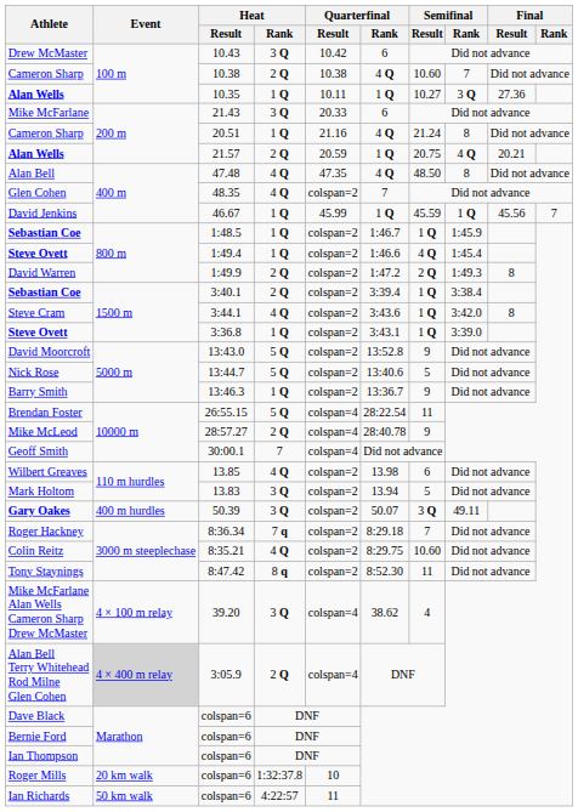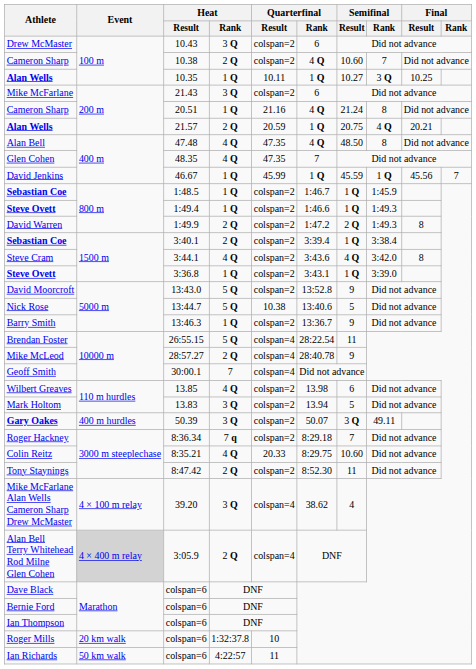 <table class=wikitable style="font-size:90%">
 <tr>
 <th rowspan="2">Athlete</th>
 <th rowspan="2">Event</th>
 <th colspan="2">Heat</th>
 <th colspan="2">Quarterfinal</th>
 <th colspan="2">Semifinal</th>
 <th colspan="2">Final</th>
 </tr>
 <tr style="font-size:95%">
 <th>Result</th>
 <th>Rank</th>
 <th>Result</th>
 <th>Rank</th>
 <th>Result</th>
 <th>Rank</th>
 <th>Result</th>
 <th>Rank</th>
 </tr>
 <tr align=center>
 <td align=left><a href='#'>Drew McMaster</a></td>
 <td align=left rowspan=3><a href='#'>100 m</a></td>
 <td>10.43</td>
 <td>3 <strong>Q</strong></td>
-<td>10.42</td>
+<td>colspan=2 </td>
 <td>6</td>
 <td colspan=4>Did not advance</td>
 </tr>
 <tr align=center>
 <td align=left><a href='#'>Cameron Sharp</a></td>
 <td>10.38</td>
 <td>2 <strong>Q</strong></td>
-<td>10.38</td>
+<td>colspan=2 </td>
 <td>4 <strong>Q</strong></td>
 <td>10.60</td>
 <td>7</td>
 <td colspan=2>Did not advance</td>
 </tr>
 <tr align=center>
 <td align=left><strong><a href='#'>Alan Wells</a></strong></td>
 <td>10.35</td>
 <td>1 <strong>Q</strong></td>
 <td>10.11</td>
 <td>1 <strong>Q</strong></td>
 <td>10.27</td>
 <td>3 <strong>Q</strong></td>
-<td>27.36</td>
+<td>10.25</td>
 <td></td>
 </tr>
 <tr align=center>
 <td align=left><a href='#'>Mike McFarlane</a></td>
 <td align=left rowspan=3><a href='#'>200 m</a></td>
 <td>21.43</td>
 <td>3 <strong>Q</strong></td>
-<td>20.33</td>
+<td>colspan=2 </td>
 <td>6</td>
 <td colspan=4>Did not advance</td>
 </tr>
 <tr align=center>
 <td align=left><a href='#'>Cameron Sharp</a></td>
 <td>20.51</td>
 <td>1 <strong>Q</strong></td>
 <td>21.16</td>
 <td>4 <strong>Q</strong></td>
 <td>21.24</td>
 <td>8</td>
 <td colspan=2>Did not advance</td>
 </tr>
 <tr align=center>
 <td align=left><strong><a href='#'>Alan Wells</a></strong></td>
 <td>21.57</td>
 <td>2 <strong>Q</strong></td>
 <td>20.59</td>
 <td>1 <strong>Q</strong></td>
 <td>20.75</td>
 <td>4 <strong>Q</strong></td>
 <td>20.21</td>
 <td></td>
 </tr>
 <tr align=center>
 <td align=left><a href='#'>Alan Bell</a></td>
 <td align=left rowspan=3><a href='#'>400 m</a></td>
 <td>47.48</td>
 <td>4 <strong>Q</strong></td>
 <td>47.35</td>
 <td>4 <strong>Q</strong></td>
 <td>48.50</td>
 <td>8</td>
 <td colspan=2>Did not advance</td>
 </tr>
 <tr align=center>
 <td align=left><a href='#'>Glen Cohen</a></td>
 <td>48.35</td>
 <td>4 <strong>Q</strong></td>
-<td>colspan=2 </td>
+<td>47.35</td>
 <td>7</td>
 <td colspan=4>Did not advance</td>
 </tr>
 <tr align=center>
 <td align=left><a href='#'>David Jenkins</a></td>
 <td>46.67</td>
 <td>1 <strong>Q</strong></td>
 <td>45.99</td>
 <td>1 <strong>Q</strong></td>
 <td>45.59</td>
 <td>1 <strong>Q</strong></td>
 <td>45.56</td>
 <td>7</td>
 </tr>
 <tr align=center>
 <td align=left><strong><a href='#'>Sebastian Coe</a></strong></td>
 <td align=left rowspan=3><a href='#'>800 m</a></td>
 <td>1:48.5</td>
 <td>1 <strong>Q</strong></td>
 <td>colspan=2 </td>
 <td>1:46.7</td>
 <td>1 <strong>Q</strong></td>
 <td>1:45.9</td>
 <td></td>
 </tr>
 <tr align=center>
 <td align=left><strong><a href='#'>Steve Ovett</a></strong></td>
 <td>1:49.4</td>
 <td>1 <strong>Q</strong></td>
 <td>colspan=2 </td>
 <td>1:46.6</td>
-<td>4 <strong>Q</strong></td>
-<td>1:45.4</td>
+<td>1 <strong>Q</strong></td>
+<td>1:49.3</td>
 <td></td>
 </tr>
 <tr align=center>
 <td align=left><a href='#'>David Warren</a></td>
 <td>1:49.9</td>
 <td>2 <strong>Q</strong></td>
 <td>colspan=2 </td>
 <td>1:47.2</td>
 <td>2 <strong>Q</strong></td>
 <td>1:49.3</td>
 <td>8</td>
 </tr>
 <tr align=center>
 <td align=left><strong><a href='#'>Sebastian Coe</a></strong></td>
 <td align=left rowspan=3><a href='#'>1500 m</a></td>
 <td>3:40.1</td>
 <td>2 <strong>Q</strong></td>
 <td>colspan=2 </td>
 <td>3:39.4</td>
 <td>1 <strong>Q</strong></td>
 <td>3:38.4</td>
 <td></td>
 </tr>
 <tr align=center>
 <td align=left><a href='#'>Steve Cram</a></td>
 <td>3:44.1</td>
 <td>4 <strong>Q</strong></td>
 <td>colspan=2 </td>
 <td>3:43.6</td>
-<td>1 <strong>Q</strong></td>
+<td>4 <strong>Q</strong></td>
 <td>3:42.0</td>
 <td>8</td>
 </tr>
 <tr align=center>
 <td align=left><strong><a href='#'>Steve Ovett</a></strong></td>
 <td>3:36.8</td>
 <td>1 <strong>Q</strong></td>
 <td>colspan=2 </td>
 <td>3:43.1</td>
 <td>1 <strong>Q</strong></td>
 <td>3:39.0</td>
 <td></td>
 </tr>
 <tr align=center>
 <td align=left><a href='#'>David Moorcroft</a></td>
 <td align=left rowspan=3><a href='#'>5000 m</a></td>
 <td>13:43.0</td>
 <td>5 <strong>Q</strong></td>
 <td>colspan=2 </td>
 <td>13:52.8</td>
 <td>9</td>
 <td colspan=2>Did not advance</td>
 </tr>
 <tr align=center>
 <td align=left><a href='#'>Nick Rose</a></td>
 <td>13:44.7</td>
 <td>5 <strong>Q</strong></td>
-<td>colspan=2 </td>
+<td>10.38</td>
 <td>13:40.6</td>
 <td>5</td>
 <td colspan=2>Did not advance</td>
 </tr>
 <tr align=center>
 <td align=left><a href='#'>Barry Smith</a></td>
 <td>13:46.3</td>
 <td>1 <strong>Q</strong></td>
 <td>colspan=2 </td>
 <td>13:36.7</td>
 <td>9</td>
 <td colspan=2>Did not advance</td>
 </tr>
 <tr align=center>
 <td align=left><a href='#'>Brendan Foster</a></td>
 <td align=left rowspan=3><a href='#'>10000 m</a></td>
 <td>26:55.15</td>
 <td>5 <strong>Q</strong></td>
 <td>colspan=4 </td>
 <td>28:22.54</td>
 <td>11</td>
 </tr>
 <tr align=center>
 <td align=left><a href='#'>Mike McLeod</a></td>
 <td>28:57.27</td>
 <td>2 <strong>Q</strong></td>
 <td>colspan=4 </td>
 <td>28:40.78</td>
 <td>9</td>
 </tr>
 <tr align=center>
 <td align=left><a href='#'>Geoff Smith</a></td>
 <td>30:00.1</td>
 <td>7</td>
 <td>colspan=4 </td>
 <td colspan=2>Did not advance</td>
 </tr>
 <tr align=center>
 <td align=left><a href='#'>Wilbert Greaves</a></td>
 <td align=left rowspan=2><a href='#'>110 m hurdles</a></td>
 <td>13.85</td>
 <td>4 <strong>Q</strong></td>
 <td>colspan=2 </td>
 <td>13.98</td>
 <td>6</td>
 <td colspan=2>Did not advance</td>
 </tr>
 <tr align=center>
 <td align=left><a href='#'>Mark Holtom</a></td>
 <td>13.83</td>
 <td>3 <strong>Q</strong></td>
 <td>colspan=2 </td>
 <td>13.94</td>
 <td>5</td>
 <td colspan=2>Did not advance</td>
 </tr>
 <tr align=center>
 <td align=left><strong><a href='#'>Gary Oakes</a></strong></td>
 <td align=left><a href='#'>400 m hurdles</a></td>
 <td>50.39</td>
 <td>3 <strong>Q</strong></td>
 <td>colspan=2 </td>
 <td>50.07</td>
 <td>3 <strong>Q</strong></td>
 <td>49.11</td>
 <td></td>
 </tr>
 <tr align=center>
 <td align=left><a href='#'>Roger Hackney</a></td>
 <td align=left rowspan=3><a href='#'>3000 m steeplechase</a></td>
 <td>8:36.34</td>
 <td>7 <strong>q</strong></td>
 <td>colspan=2 </td>
 <td>8:29.18</td>
 <td>7</td>
 <td colspan=2>Did not advance</td>
 </tr>
 <tr align=center>
 <td align=left><a href='#'>Colin Reitz</a></td>
 <td>8:35.21</td>
 <td>4 <strong>Q</strong></td>
-<td>colspan=2 </td>
+<td>20.33</td>
 <td>8:29.75</td>
 <td>10.60</td>
 <td colspan=2>Did not advance</td>
 </tr>
 <tr align=center>
 <td align=left><a href='#'>Tony Staynings</a></td>
 <td>8:47.42</td>
-<td>8 <strong>q</strong></td>
+<td>2 <strong>Q</strong></td>
 <td>colspan=2 </td>
 <td>8:52.30</td>
 <td>11</td>
 <td colspan=2>Did not advance</td>
 </tr>
 <tr align=center>
 <td align=left><a href='#'>Mike McFarlane</a><br><a href='#'>Alan Wells</a><br><a href='#'>Cameron Sharp</a><br><a href='#'>Drew McMaster</a></td>
 <td align=left><a href='#'>4 × 100 m relay</a></td>
 <td>39.20</td>
 <td>3 <strong>Q</strong></td>
 <td>colspan=4 </td>
 <td>38.62</td>
 <td>4</td>
 </tr>
 <tr align=center>
 <td align=left><a href='#'>Alan Bell</a><br><a href='#'>Terry Whitehead</a><br><a href='#'>Rod Milne</a><br><a href='#'>Glen Cohen</a></td>
 <td align=left style="background: lightgrey;"><a href='#'>4 × 400 m relay</a></td>
 <td>3:05.9</td>
 <td>2 <strong>Q</strong></td>
 <td>colspan=4 </td>
 <td colspan=2>DNF</td>
 </tr>
 <tr align=center>
 <td align=left><a href='#'>Dave Black</a></td>
 <td align=left rowspan=3><a href='#'>Marathon</a></td>
 <td>colspan=6 </td>
 <td colspan=2>DNF</td>
 </tr>
 <tr align=center>
 <td align=left><a href='#'>Bernie Ford</a></td>
 <td>colspan=6 </td>
 <td colspan=2>DNF</td>
 </tr>
 <tr align=center>
 <td align=left><a href='#'>Ian Thompson</a></td>
 <td>colspan=6 </td>
 <td colspan=2>DNF</td>
 </tr>
 <tr align=center>
 <td align=left><a href='#'>Roger Mills</a></td>
 <td align=left><a href='#'>20 km walk</a></td>
 <td>colspan=6 </td>
 <td>1:32:37.8</td>
 <td>10</td>
 </tr>
 <tr align=center>
 <td align=left><a href='#'>Ian Richards</a></td>
 <td align=left><a href='#'>50 km walk</a></td>
 <td>colspan=6 </td>
 <td>4:22:57</td>
 <td>11</td>
 </tr>
 </table>
